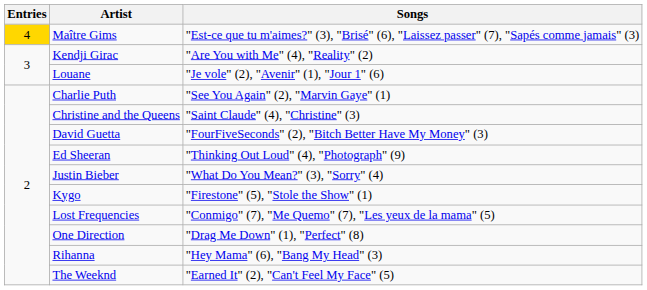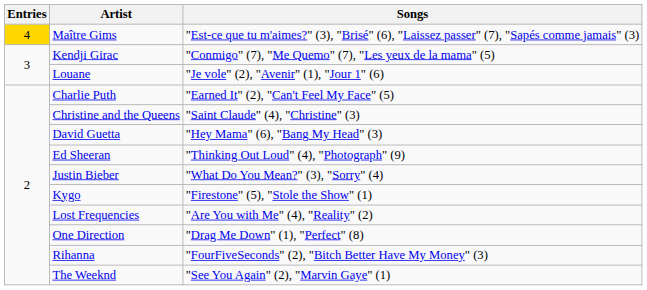 <table class="wikitable">
 <tr>
 <th>Entries</th>
 <th>Artist</th>
 <th>Songs</th>
 </tr>
 <tr>
 <td style="background: gold; text-align:center;">4</td>
 <td><a href='#'>Maître Gims</a></td>
 <td>"<a href='#'>Est-ce que tu m'aimes?</a>" (3), "<a href='#'>Brisé</a>" (6), "<a href='#'>Laissez passer</a>" (7), "<a href='#'>Sapés comme jamais</a>" (3)</td>
 </tr>
 <tr>
 <td rowspan="2" style="text-align:center;">3</td>
 <td><a href='#'>Kendji Girac</a></td>
-<td>"<a href='#'>Are You with Me</a>" (4), "<a href='#'>Reality</a>" (2)</td>
+<td>"<a href='#'>Conmigo</a>" (7), "<a href='#'>Me Quemo</a>" (7), "<a href='#'>Les yeux de la mama</a>" (5)</td>
 </tr>
 <tr>
 <td><a href='#'>Louane</a></td>
 <td>"<a href='#'>Je vole</a>" (2), "<a href='#'>Avenir</a>" (1), "<a href='#'>Jour 1</a>" (6)</td>
 </tr>
 <tr>
 <td rowspan="10" style="text-align:center;">2</td>
 <td><a href='#'>Charlie Puth</a></td>
-<td>"<a href='#'>See You Again</a>" (2), "<a href='#'>Marvin Gaye</a>" (1)</td>
+<td>"<a href='#'>Earned It</a>" (2), "<a href='#'>Can't Feel My Face</a>" (5)</td>
 </tr>
 <tr>
 <td><a href='#'>Christine and the Queens</a></td>
 <td>"<a href='#'>Saint Claude</a>" (4), "<a href='#'>Christine</a>" (3)</td>
 </tr>
 <tr>
 <td><a href='#'>David Guetta</a></td>
-<td>"<a href='#'>FourFiveSeconds</a>" (2), "<a href='#'>Bitch Better Have My Money</a>" (3)</td>
+<td>"<a href='#'>Hey Mama</a>" (6), "<a href='#'>Bang My Head</a>" (3)</td>
 </tr>
 <tr>
 <td><a href='#'>Ed Sheeran</a></td>
 <td>"<a href='#'>Thinking Out Loud</a>" (4), "<a href='#'>Photograph</a>" (9)</td>
 </tr>
 <tr>
 <td><a href='#'>Justin Bieber</a></td>
 <td>"<a href='#'>What Do You Mean?</a>" (3), "<a href='#'>Sorry</a>" (4)</td>
 </tr>
 <tr>
 <td><a href='#'>Kygo</a></td>
 <td>"<a href='#'>Firestone</a>" (5), "<a href='#'>Stole the Show</a>" (1)</td>
 </tr>
 <tr>
 <td><a href='#'>Lost Frequencies</a></td>
-<td>"<a href='#'>Conmigo</a>" (7), "<a href='#'>Me Quemo</a>" (7), "<a href='#'>Les yeux de la mama</a>" (5)</td>
+<td>"<a href='#'>Are You with Me</a>" (4), "<a href='#'>Reality</a>" (2)</td>
 </tr>
 <tr>
 <td><a href='#'>One Direction</a></td>
 <td>"<a href='#'>Drag Me Down</a>" (1), "<a href='#'>Perfect</a>" (8)</td>
 </tr>
 <tr>
 <td><a href='#'>Rihanna</a></td>
-<td>"<a href='#'>Hey Mama</a>" (6), "<a href='#'>Bang My Head</a>" (3)</td>
+<td>"<a href='#'>FourFiveSeconds</a>" (2), "<a href='#'>Bitch Better Have My Money</a>" (3)</td>
 </tr>
 <tr>
 <td><a href='#'>The Weeknd</a></td>
-<td>"<a href='#'>Earned It</a>" (2), "<a href='#'>Can't Feel My Face</a>" (5)</td>
+<td>"<a href='#'>See You Again</a>" (2), "<a href='#'>Marvin Gaye</a>" (1)</td>
 </tr>
 </table>
